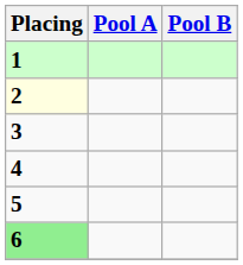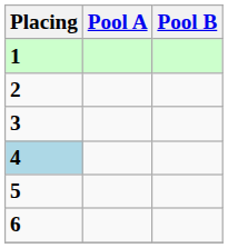 <table class=wikitable style="border:1px solid #AAAAAA;">
 <tr>
 <th>Placing</th>
 <th><a href='#'>Pool A</a></th>
 <th><a href='#'>Pool B</a></th>
 </tr>
 <tr style="background: #ccffcc;">
 <td><strong>1</strong></td>
 <td></td>
 <td></td>
 </tr>
 <tr>
-<td style="background: lightyellow;"><strong>2</strong></td>
+<td><strong>2</strong></td>
 <td></td>
 <td></td>
 </tr>
 <tr>
 <td><strong>3</strong></td>
 <td></td>
 <td></td>
 </tr>
 <tr>
-<td><strong>4</strong></td>
+<td style="background: lightblue;"><strong>4</strong></td>
 <td></td>
 <td></td>
 </tr>
 <tr>
 <td><strong>5</strong></td>
 <td></td>
 <td></td>
 </tr>
 <tr>
-<td style="background: lightgreen;"><strong>6</strong></td>
+<td><strong>6</strong></td>
 <td></td>
 <td></td>
 </tr>
 <tr>
 </tr>
 </table>
